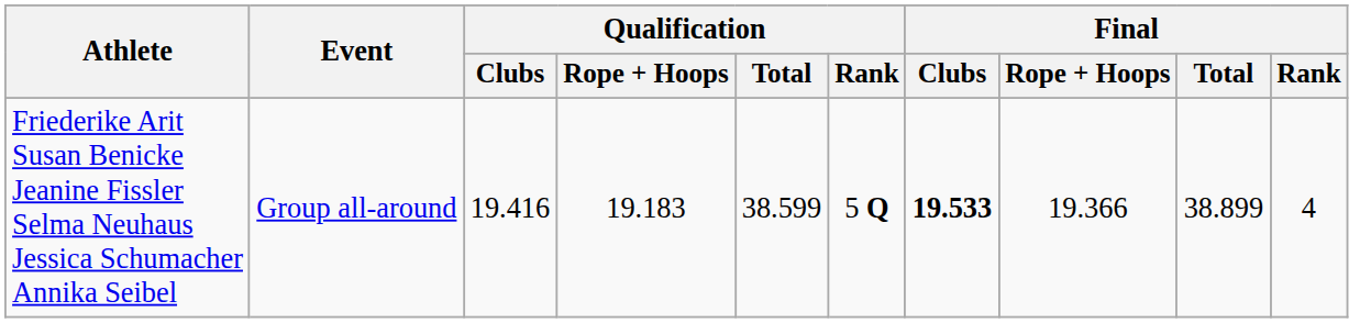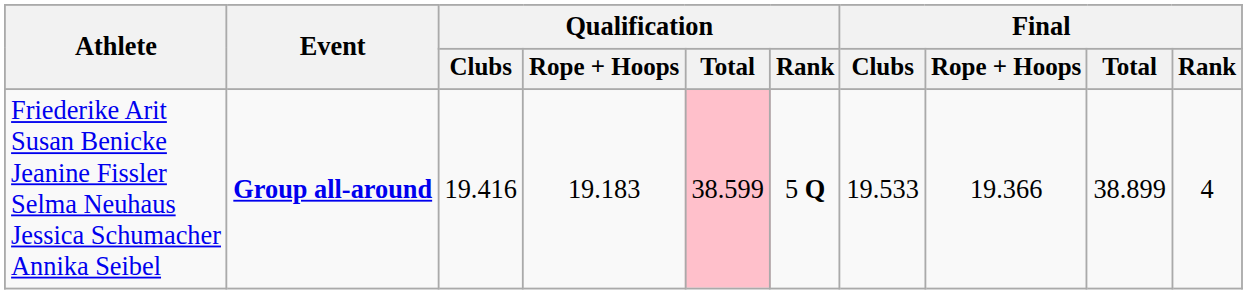 <table class=wikitable style="font-size:90%">
 <tr>
 <th rowspan="2">Athlete</th>
 <th rowspan="2">Event</th>
 <th colspan=4>Qualification</th>
 <th colspan=4>Final</th>
 </tr>
 <tr style="font-size:95%">
 <th>Clubs</th>
 <th>Rope + Hoops</th>
 <th>Total</th>
 <th>Rank</th>
 <th>Clubs</th>
 <th>Rope + Hoops</th>
 <th>Total</th>
 <th>Rank</th>
 </tr>
 <tr>
 <td align=left><a href='#'>Friederike Arit</a><br> <a href='#'>Susan Benicke</a><br> <a href='#'>Jeanine Fissler</a><br> <a href='#'>Selma Neuhaus</a><br> <a href='#'>Jessica Schumacher</a><br> <a href='#'>Annika Seibel</a></td>
-<td align=left><a href='#'>Group all-around</a></td>
+<td align=left><strong><a href='#'>Group all-around</a></strong></td>
 <td align=center>19.416</td>
 <td align=center>19.183</td>
-<td align=center>38.599</td>
+<td align=center style="background: pink;">38.599</td>
 <td align=center>5 <strong>Q</strong></td>
-<td align=center><strong>19.533</strong></td>
+<td align=center>19.533</td>
 <td align=center>19.366</td>
 <td align=center>38.899</td>
 <td align=center>4</td>
 </tr>
 </table>
